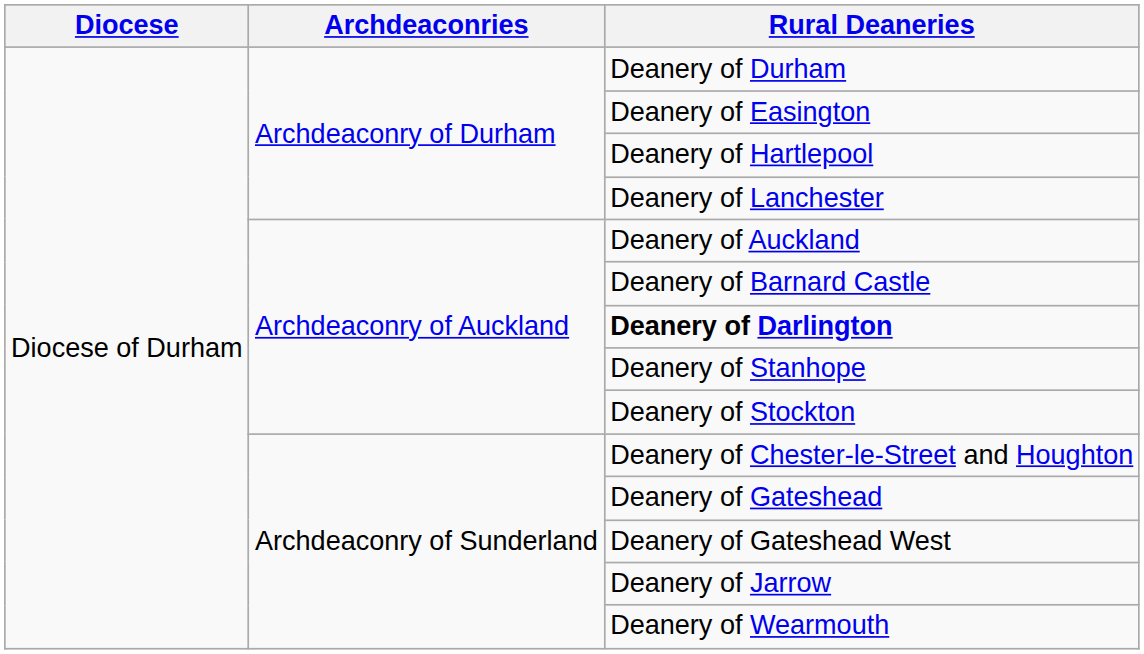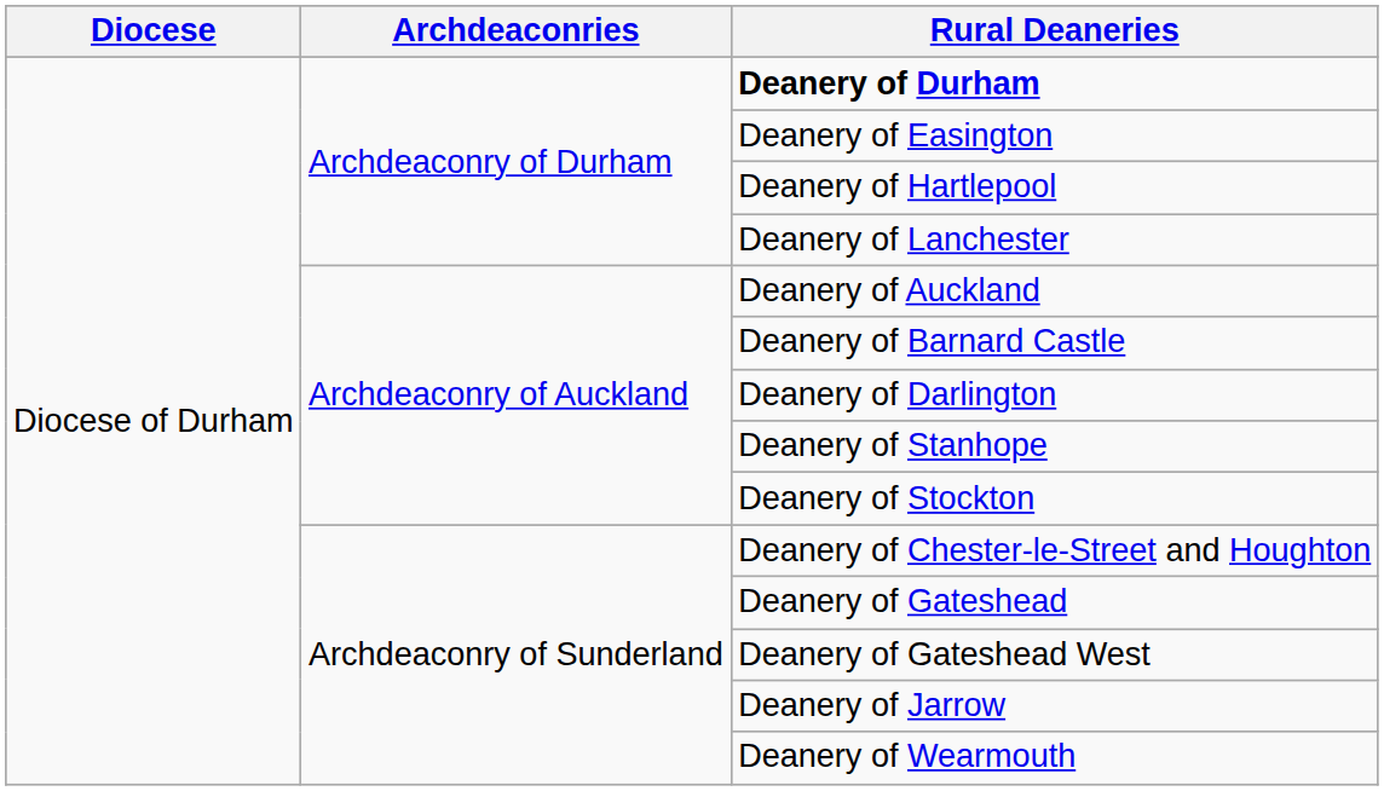 <table class="wikitable sortable">
 <tr>
 <th><a href='#'>Diocese</a></th>
 <th><a href='#'>Archdeaconries</a></th>
 <th><a href='#'>Rural Deaneries</a></th>
 </tr>
 <tr>
 <td rowspan="14">Diocese of Durham</td>
 <td rowspan="4"><a href='#'>Archdeaconry of Durham</a></td>
-<td>Deanery of <a href='#'>Durham</a></td>
+<td><strong>Deanery of <a href='#'>Durham</a></strong></td>
 </tr>
 <tr>
 <td>Deanery of <a href='#'>Easington</a></td>
 </tr>
 <tr>
 <td>Deanery of <a href='#'>Hartlepool</a></td>
 </tr>
 <tr>
 <td>Deanery of <a href='#'>Lanchester</a></td>
 </tr>
 <tr>
 <td rowspan="5"><a href='#'>Archdeaconry of Auckland</a></td>
 <td>Deanery of <a href='#'>Auckland</a></td>
 </tr>
 <tr>
 <td>Deanery of <a href='#'>Barnard Castle</a></td>
 </tr>
 <tr>
-<td><strong>Deanery of <a href='#'>Darlington</a></strong></td>
+<td>Deanery of <a href='#'>Darlington</a></td>
 </tr>
 <tr>
 <td>Deanery of <a href='#'>Stanhope</a></td>
 </tr>
 <tr>
 <td>Deanery of <a href='#'>Stockton</a></td>
 </tr>
 <tr>
 <td rowspan="5">Archdeaconry of Sunderland</td>
 <td>Deanery of <a href='#'>Chester-le-Street</a> and <a href='#'>Houghton</a></td>
 </tr>
 <tr>
 <td>Deanery of <a href='#'>Gateshead</a></td>
 </tr>
 <tr>
 <td>Deanery of Gateshead West</td>
 </tr>
 <tr>
 <td>Deanery of <a href='#'>Jarrow</a></td>
 </tr>
 <tr>
 <td>Deanery of <a href='#'>Wearmouth</a></td>
 </tr>
 </table>
